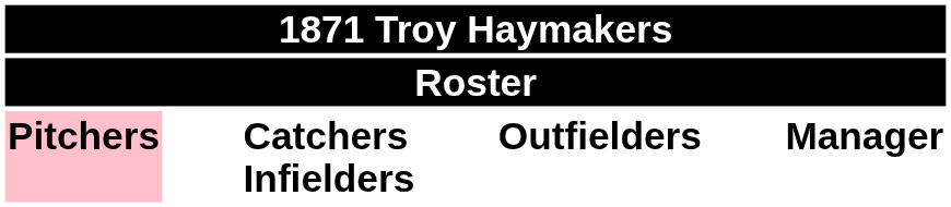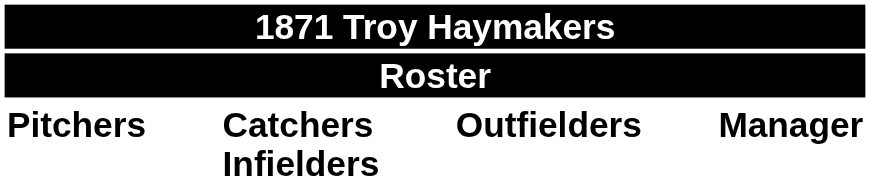 <table class="toccolours" style="font-size: 95%;">
 <tr>
 <th colspan="10" style="background-color: black; color:white; text-align: center;">1871 Troy Haymakers</th>
 </tr>
 <tr>
 <td colspan="10" style="background-color:black; color: white; text-align: center;"><strong>Roster</strong></td>
 </tr>
 <tr>
-<td valign="top" style="background: pink;"><strong>Pitchers</strong><br></td>
+<td valign="top"><strong>Pitchers</strong><br></td>
 <td width="25px"></td>
 <td valign="top"><strong>Catchers</strong><br> <strong>Infielders</strong>       </td>
 <td width="25px"></td>
 <td valign="top"><strong>Outfielders</strong><br>  </td>
 <td width="25px"></td>
 <td valign="top"><strong>Manager</strong><br> </td>
 </tr>
 </table>
